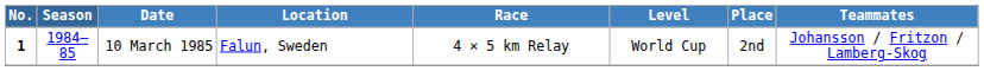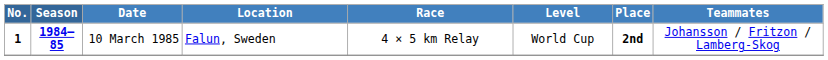 <table class="wikitable sortable" style="font-size:95%; text-align:center; border:grey solid 1px; border-collapse:collapse; background:#ffffff;">
 <tr style="background:#efefef;">
 <th style="background-color:#369; color:white;">No.</th>
 <th style="background-color:#369; color:white;">Season</th>
 <th style="background-color:#4180be; color:white; width:100px;">Date</th>
 <th style="background-color:#4180be; color:white; width:170px;">Location</th>
 <th style="background-color:#4180be; color:white; width:170px;">Race</th>
 <th style="background-color:#4180be; color:white; width:100px;">Level</th>
 <th style="background-color:#4180be; color:white;">Place</th>
 <th style="background-color:#4180be; color:white;">Teammates</th>
 </tr>
 <tr>
 <td align=center><strong>1</strong></td>
-<td rowspan=1 align=center><a href='#'>1984–85</a></td>
+<td rowspan=1 align=center><strong><a href='#'>1984–85</a></strong></td>
 <td align=right>10 March 1985</td>
 <td align=left> <a href='#'>Falun</a>, Sweden</td>
 <td>4 × 5 km Relay</td>
 <td>World Cup</td>
-<td>2nd</td>
+<td><strong>2nd</strong></td>
 <td><a href='#'>Johansson</a> / <a href='#'>Fritzon</a> / <a href='#'>Lamberg-Skog</a></td>
 </tr>
 <tr>
 </tr>
 </table>
